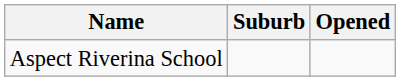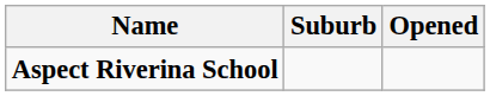 <table class="wikitable sortable">
 <tr>
 <th>Name</th>
 <th>Suburb</th>
 <th>Opened</th>
 </tr>
 <tr>
-<td>Aspect Riverina School</td>
+<td><strong>Aspect Riverina School</strong></td>
 <td></td>
 </tr>
 </table>
